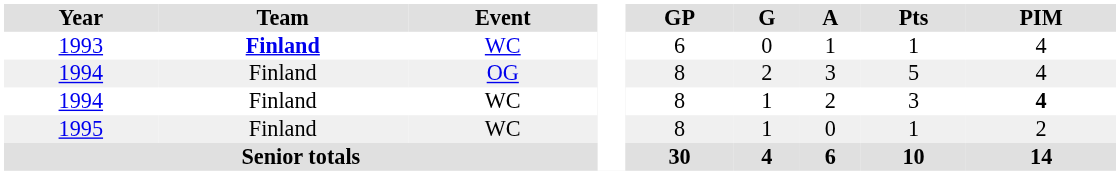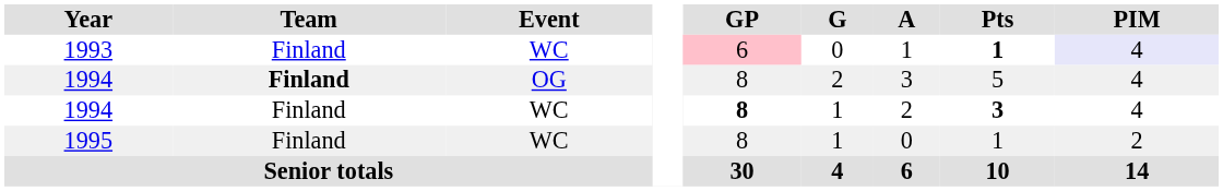 <table border="0" cellpadding="1" cellspacing="0" style="text-align:center; width:50em">
 <tr align="center" bgcolor="#e0e0e0">
 <th>Year</th>
 <th>Team</th>
 <th>Event</th>
 <th rowspan="99" bgcolor="#ffffff"> </th>
 <th>GP</th>
 <th>G</th>
 <th>A</th>
 <th>Pts</th>
 <th>PIM</th>
 </tr>
 <tr>
 <td><a href='#'>1993</a></td>
-<td><strong><a href='#'>Finland</a></strong></td>
+<td><a href='#'>Finland</a></td>
 <td><a href='#'>WC</a></td>
-<td>6</td>
+<td style="background: pink;">6</td>
 <td>0</td>
 <td>1</td>
-<td>1</td>
-<td>4</td>
+<td><strong>1</strong></td>
+<td style="background: lavender;">4</td>
 </tr>
 <tr bgcolor="#f0f0f0">
 <td><a href='#'>1994</a></td>
-<td>Finland</td>
+<td><strong>Finland</strong></td>
 <td><a href='#'>OG</a></td>
 <td>8</td>
 <td>2</td>
 <td>3</td>
 <td>5</td>
 <td>4</td>
 </tr>
 <tr>
 <td><a href='#'>1994</a></td>
 <td>Finland</td>
 <td>WC</td>
-<td>8</td>
+<td><strong>8</strong></td>
 <td>1</td>
 <td>2</td>
-<td>3</td>
-<td><strong>4</strong></td>
+<td><strong>3</strong></td>
+<td>4</td>
 </tr>
 <tr bgcolor="#f0f0f0">
 <td><a href='#'>1995</a></td>
 <td>Finland</td>
 <td>WC</td>
 <td>8</td>
 <td>1</td>
 <td>0</td>
 <td>1</td>
 <td>2</td>
 </tr>
 <tr bgcolor="#e0e0e0">
 <th colspan=3>Senior totals</th>
 <th>30</th>
 <th>4</th>
 <th>6</th>
 <th>10</th>
 <th>14</th>
 </tr>
 </table>
